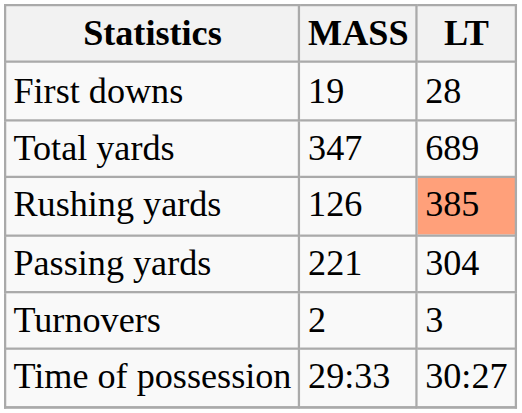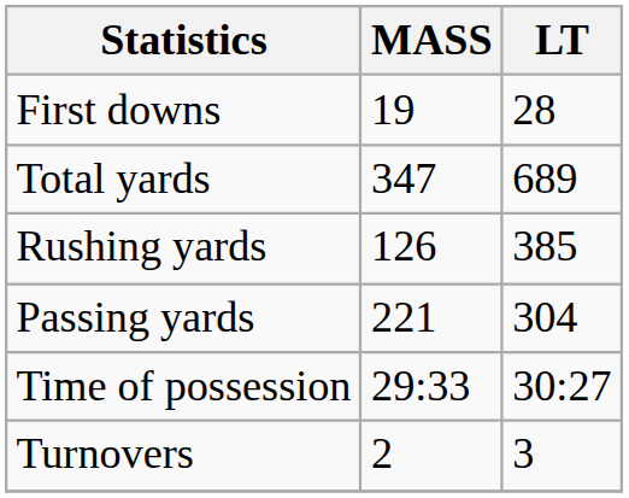 <table class="wikitable">
 <tr>
 <th>Statistics</th>
 <th>MASS</th>
 <th>LT</th>
 </tr>
 <tr>
 <td>First downs</td>
 <td>19</td>
 <td>28</td>
 </tr>
 <tr>
 <td>Total yards</td>
 <td>347</td>
 <td>689</td>
 </tr>
 <tr>
 <td>Rushing yards</td>
 <td>126</td>
-<td style="background: lightsalmon;">385</td>
+<td>385</td>
 </tr>
 <tr>
 <td>Passing yards</td>
 <td>221</td>
 <td>304</td>
 </tr>
 <tr>
+<td>Time of possession</td>
+<td>29:33</td>
+<td>30:27</td>
+</tr>
+<tr>
 <td>Turnovers</td>
 <td>2</td>
 <td>3</td>
 </tr>
 <tr>
-<td>Time of possession</td>
-<td>29:33</td>
-<td>30:27</td>
-</tr>
-<tr>
 </tr>
 </table>
